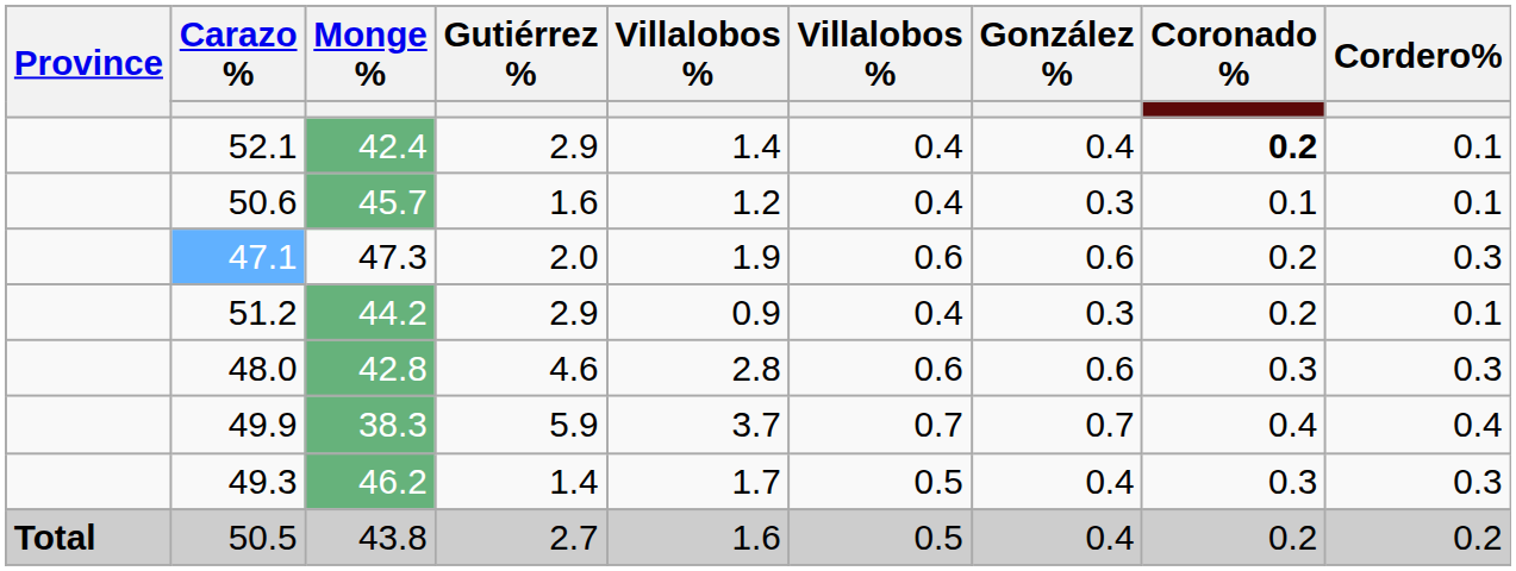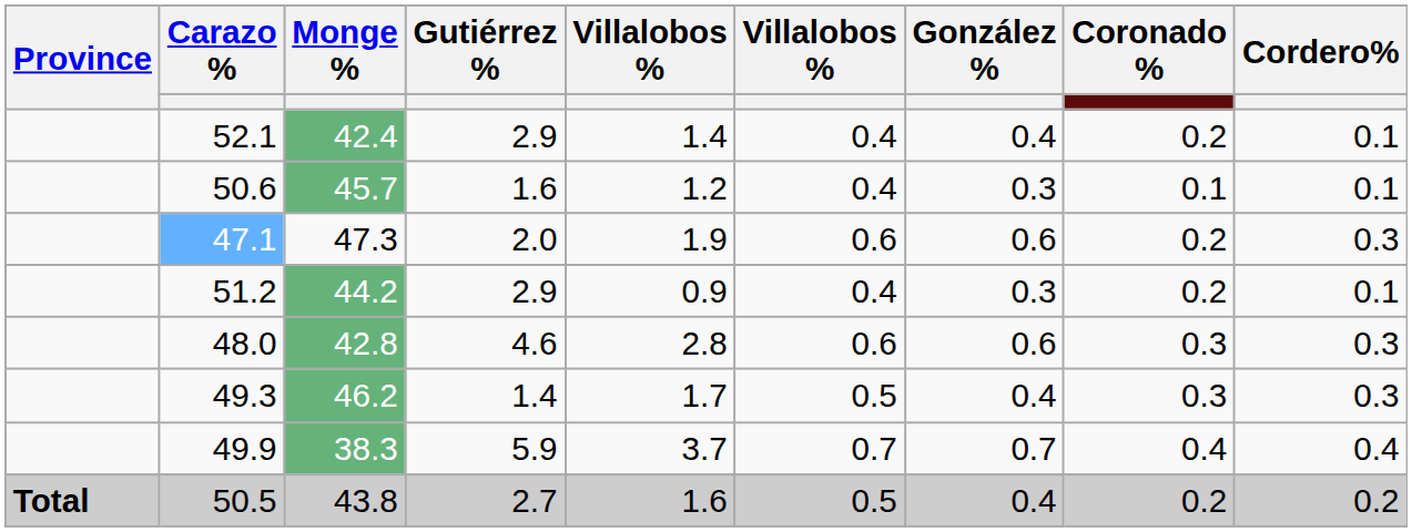 <table class="wikitable sortable" style="text-align:right; font-size:95%">
 <tr>
 <th rowspan=2><a href='#'>Province</a></th>
 <th width=60px><a href='#'>Carazo</a> %</th>
 <th width=60px><a href='#'>Monge</a> %</th>
 <th width=60px>Gutiérrez %</th>
 <th width=60px>Villalobos %</th>
 <th width=60px>Villalobos %</th>
 <th width=60px>González %</th>
 <th width=60px>Coronado %</th>
 <th width=60px>Cordero%</th>
 </tr>
 <tr>
 <th style="background:"></th>
 <th style="background:"></th>
 <th style="background:"></th>
 <th style="background:"></th>
 <th style="background:"></th>
 <th style="background:"></th>
 <th style="background:#5C0909"></th>
 <th style="background:"></th>
 </tr>
 <tr>
 <td align="left"></td>
 <td style="background:">52.1</td>
 <td style="background:#66B27B; color:white;">42.4</td>
 <td>2.9</td>
 <td>1.4</td>
 <td>0.4</td>
 <td>0.4</td>
-<td><strong>0.2</strong></td>
+<td>0.2</td>
 <td>0.1</td>
 </tr>
 <tr>
 <td align="left"></td>
 <td style="background:">50.6</td>
 <td style="background:#66B27B; color:white;">45.7</td>
 <td>1.6</td>
 <td>1.2</td>
 <td>0.4</td>
 <td>0.3</td>
 <td>0.1</td>
 <td>0.1</td>
 </tr>
 <tr>
 <td align="left"></td>
 <td style="background:#61b1ff; color:white;">47.1</td>
 <td style="background:">47.3</td>
 <td>2.0</td>
 <td>1.9</td>
 <td>0.6</td>
 <td>0.6</td>
 <td>0.2</td>
 <td>0.3</td>
 </tr>
 <tr>
 <td align="left"></td>
 <td style="background:">51.2</td>
 <td style="background:#66B27B; color:white;">44.2</td>
 <td>2.9</td>
 <td>0.9</td>
 <td>0.4</td>
 <td>0.3</td>
 <td>0.2</td>
 <td>0.1</td>
 </tr>
 <tr>
 <td align="left"></td>
 <td style="background:">48.0</td>
 <td style="background:#66B27B; color:white;">42.8</td>
 <td>4.6</td>
 <td>2.8</td>
 <td>0.6</td>
 <td>0.6</td>
 <td>0.3</td>
 <td>0.3</td>
 </tr>
 <tr>
 <td align="left"></td>
+<td style="background:">49.3</td>
+<td style="background:#66B27B; color:white;">46.2</td>
+<td>1.4</td>
+<td>1.7</td>
+<td>0.5</td>
+<td>0.4</td>
+<td>0.3</td>
+<td>0.3</td>
+</tr>
+<tr>
+<td align="left"></td>
 <td style="background:">49.9</td>
 <td style="background:#66B27B; color:white;">38.3</td>
 <td>5.9</td>
 <td>3.7</td>
 <td>0.7</td>
 <td>0.7</td>
 <td>0.4</td>
 <td>0.4</td>
-</tr>
-<tr>
-<td align="left"></td>
-<td style="background:">49.3</td>
-<td style="background:#66B27B; color:white;">46.2</td>
-<td>1.4</td>
-<td>1.7</td>
-<td>0.5</td>
-<td>0.4</td>
-<td>0.3</td>
-<td>0.3</td>
 </tr>
 <tr style="background:#CDCDCD;">
 <td align="left"><strong>Total</strong></td>
 <td style="background:">50.5</td>
 <td>43.8</td>
 <td>2.7</td>
 <td>1.6</td>
 <td>0.5</td>
 <td>0.4</td>
 <td>0.2</td>
 <td>0.2</td>
 </tr>
 </table>
